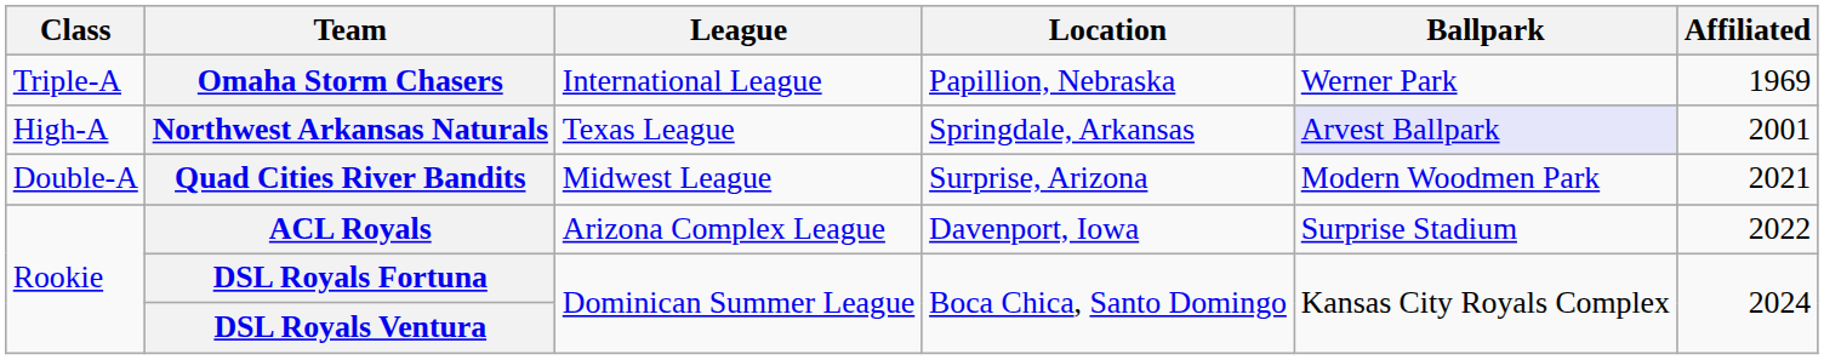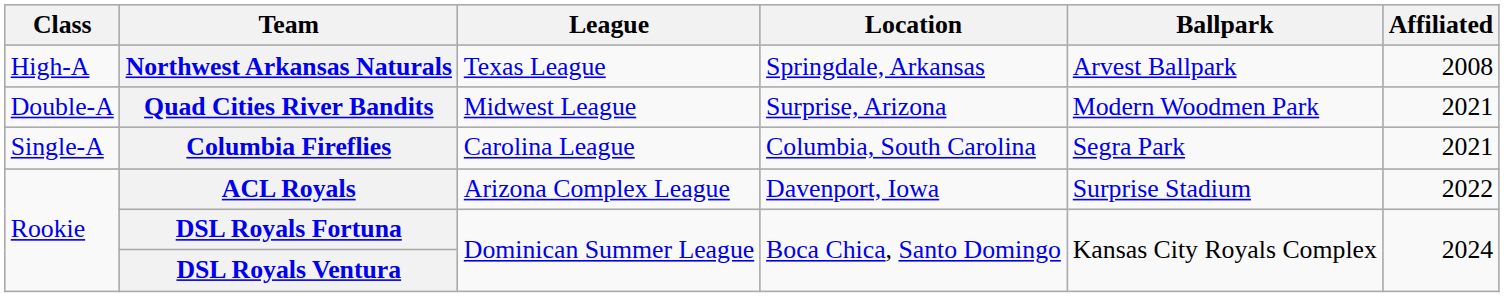 <table class="wikitable plainrowheaders sortable">
 <tr>
 <th scope="col">Class</th>
 <th scope="col">Team</th>
 <th scope="col">League</th>
 <th scope="col">Location</th>
 <th scope="col">Ballpark</th>
 <th scope="col">Affiliated</th>
 </tr>
 <tr>
-<td><a href='#'>Triple-A</a></td>
-<th scope="row"><a href='#'>Omaha Storm Chasers</a></th>
-<td><a href='#'>International League</a></td>
-<td><a href='#'>Papillion, Nebraska</a></td>
-<td><a href='#'>Werner Park</a></td>
-<td align="right">1969</td>
-</tr>
-<tr>
 <td><a href='#'>High-A</a></td>
 <th scope="row"><a href='#'>Northwest Arkansas Naturals</a></th>
 <td><a href='#'>Texas League</a></td>
 <td><a href='#'>Springdale, Arkansas</a></td>
-<td style="background: lavender;"><a href='#'>Arvest Ballpark</a></td>
-<td align="right">2001</td>
+<td><a href='#'>Arvest Ballpark</a></td>
+<td align="right">2008</td>
 </tr>
 <tr>
 <td><a href='#'>Double-A</a></td>
 <th scope="row"><a href='#'>Quad Cities River Bandits</a></th>
 <td><a href='#'>Midwest League</a></td>
 <td><a href='#'>Surprise, Arizona</a></td>
 <td><a href='#'>Modern Woodmen Park</a></td>
+<td align="right">2021</td>
+</tr>
+<tr>
+<td><a href='#'>Single-A</a></td>
+<th scope="row"><a href='#'>Columbia Fireflies</a></th>
+<td><a href='#'>Carolina League</a></td>
+<td><a href='#'>Columbia, South Carolina</a></td>
+<td><a href='#'>Segra Park</a></td>
 <td align="right">2021</td>
 </tr>
 <tr>
 <td rowspan=3><a href='#'>Rookie</a></td>
 <th scope="row"><a href='#'>ACL Royals</a></th>
 <td><a href='#'>Arizona Complex League</a></td>
 <td><a href='#'>Davenport, Iowa</a></td>
 <td><a href='#'>Surprise Stadium</a></td>
 <td align="right">2022</td>
 </tr>
 <tr>
 <th scope="row"><a href='#'>DSL Royals Fortuna</a></th>
 <td rowspan=2><a href='#'>Dominican Summer League</a></td>
 <td rowspan=2><a href='#'>Boca Chica</a>, <a href='#'>Santo Domingo</a></td>
 <td rowspan=2>Kansas City Royals Complex</td>
 <td rowspan=2 align="right">2024</td>
 </tr>
 <tr>
 <th scope="row"><a href='#'>DSL Royals Ventura</a></th>
 </tr>
 </table>
